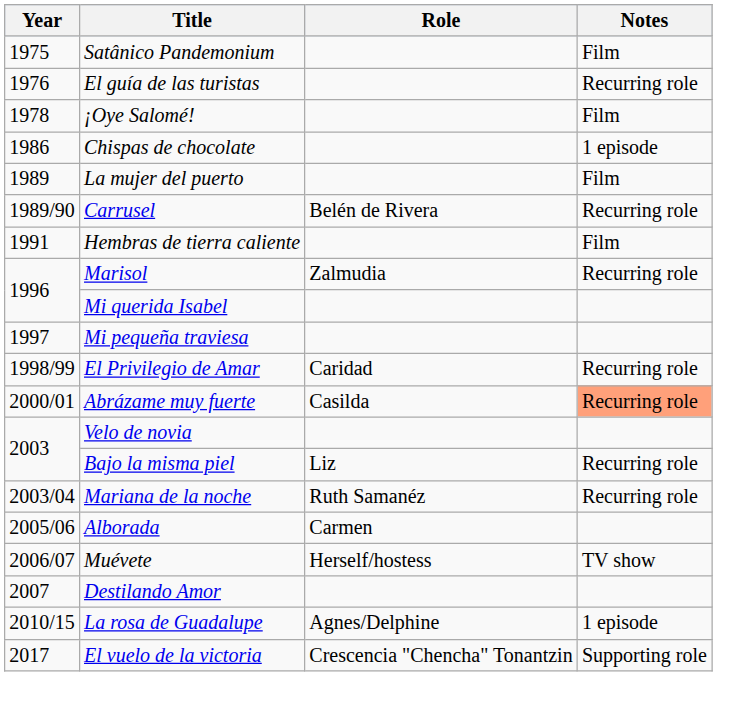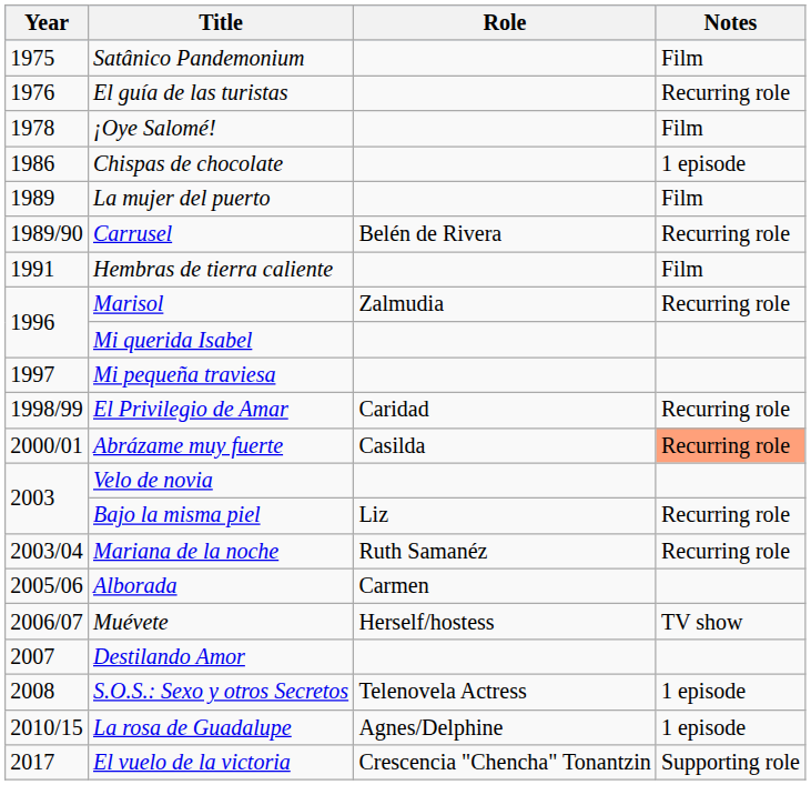 <table class="wikitable">
 <tr style="background:#b0c4de;">
 <th>Year</th>
 <th>Title</th>
 <th>Role</th>
 <th>Notes</th>
 </tr>
 <tr>
 <td>1975</td>
 <td><em>Satânico Pandemonium</em></td>
 <td></td>
 <td>Film</td>
 </tr>
 <tr>
 <td>1976</td>
 <td><em>El guía de las turistas</em></td>
 <td></td>
 <td>Recurring role</td>
 </tr>
 <tr>
 <td>1978</td>
 <td><em>¡Oye Salomé!</em></td>
 <td></td>
 <td>Film</td>
 </tr>
 <tr>
 <td>1986</td>
 <td><em>Chispas de chocolate</em></td>
 <td></td>
 <td>1 episode</td>
 </tr>
 <tr>
 <td>1989</td>
 <td><em>La mujer del puerto</em></td>
 <td></td>
 <td>Film</td>
 </tr>
 <tr>
 <td>1989/90</td>
 <td><em><a href='#'>Carrusel</a></em></td>
 <td>Belén de Rivera</td>
 <td>Recurring role</td>
 </tr>
 <tr>
 <td>1991</td>
 <td><em>Hembras de tierra caliente</em></td>
 <td></td>
 <td>Film</td>
 </tr>
 <tr>
 <td rowspan=2>1996</td>
 <td><em><a href='#'>Marisol</a></em></td>
 <td>Zalmudia</td>
 <td>Recurring role</td>
 </tr>
 <tr>
 <td><em><a href='#'>Mi querida Isabel</a></em></td>
 <td></td>
 <td></td>
 </tr>
 <tr>
 <td>1997</td>
 <td><em><a href='#'>Mi pequeña traviesa</a></em></td>
 <td></td>
 <td></td>
 </tr>
 <tr>
 <td>1998/99</td>
 <td><em><a href='#'>El Privilegio de Amar</a></em></td>
 <td>Caridad</td>
 <td>Recurring role</td>
 </tr>
 <tr>
 <td>2000/01</td>
 <td><em><a href='#'>Abrázame muy fuerte</a></em></td>
 <td>Casilda</td>
 <td style="background: lightsalmon;">Recurring role</td>
 </tr>
 <tr>
 <td rowspan=2>2003</td>
 <td><em><a href='#'>Velo de novia</a></em></td>
 <td></td>
 <td></td>
 </tr>
 <tr>
 <td><em><a href='#'>Bajo la misma piel</a></em></td>
 <td>Liz</td>
 <td>Recurring role</td>
 </tr>
 <tr>
 <td>2003/04</td>
 <td><em><a href='#'>Mariana de la noche</a></em></td>
 <td>Ruth Samanéz</td>
 <td>Recurring role</td>
 </tr>
 <tr>
 <td>2005/06</td>
 <td><em><a href='#'>Alborada</a></em></td>
 <td>Carmen</td>
 <td></td>
 </tr>
 <tr>
 <td>2006/07</td>
 <td><em>Muévete</em></td>
 <td>Herself/hostess</td>
 <td>TV show</td>
 </tr>
 <tr>
 <td>2007</td>
 <td><em><a href='#'>Destilando Amor</a></em></td>
 <td></td>
 <td></td>
 </tr>
 <tr>
+<td>2008</td>
+<td><em><a href='#'>S.O.S.: Sexo y otros Secretos</a></em></td>
+<td>Telenovela Actress</td>
+<td>1 episode</td>
+</tr>
+<tr>
 <td>2010/15</td>
 <td><em><a href='#'>La rosa de Guadalupe</a></em></td>
 <td>Agnes/Delphine</td>
 <td>1 episode</td>
 </tr>
 <tr>
 <td>2017</td>
 <td><em><a href='#'>El vuelo de la victoria</a></em></td>
 <td>Crescencia "Chencha" Tonantzin</td>
 <td>Supporting role</td>
 </tr>
 </table>
